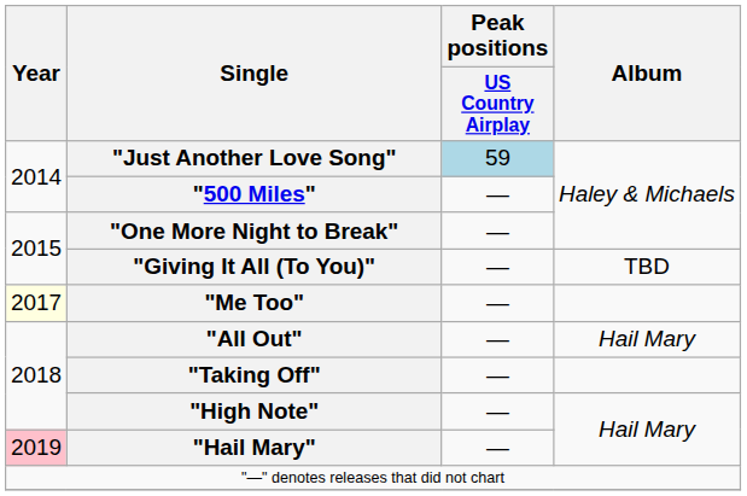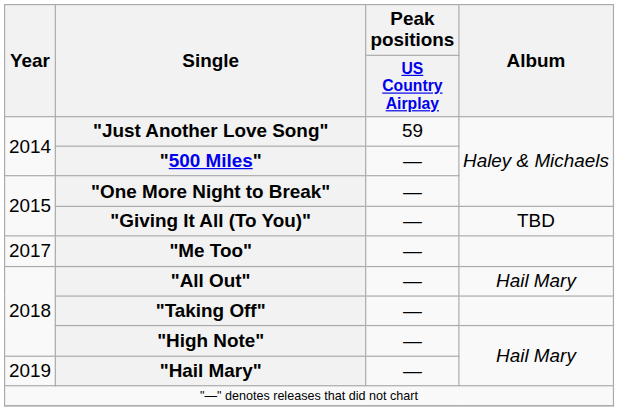 <table class="wikitable plainrowheaders" style="text-align:center;">
 <tr>
 <th rowspan="2">Year</th>
 <th rowspan="2" style="width:16em;">Single</th>
 <th>Peak positions</th>
 <th rowspan="2">Album</th>
 </tr>
 <tr style="font-size:smaller;">
 <th width="65"><a href='#'>US Country Airplay</a></th>
 </tr>
 <tr>
 <td rowspan="2">2014</td>
 <th scope="row">"Just Another Love Song"</th>
-<td style="background: lightblue;">59</td>
+<td>59</td>
 <td rowspan="3"><em>Haley & Michaels</em></td>
 </tr>
 <tr>
 <th scope="row">"<a href='#'>500 Miles</a>"</th>
 <td>—</td>
 </tr>
 <tr>
 <td rowspan="2">2015</td>
 <th scope="row">"One More Night to Break"</th>
 <td>—</td>
 </tr>
 <tr>
 <th scope="row">"Giving It All (To You)"</th>
 <td>—</td>
 <td>TBD</td>
 </tr>
 <tr>
-<td style="background: lightyellow;">2017</td>
+<td>2017</td>
 <th scope="row">"Me Too"</th>
 <td>—</td>
 <td></td>
 </tr>
 <tr>
 <td rowspan="3">2018</td>
 <th scope="row">"All Out"</th>
 <td>—</td>
 <td><em>Hail Mary</em></td>
 </tr>
 <tr>
 <th scope="row">"Taking Off"</th>
 <td>—</td>
 <td></td>
 </tr>
 <tr>
 <th scope="row">"High Note"</th>
 <td>—</td>
 <td rowspan="2"><em>Hail Mary</em></td>
 </tr>
 <tr>
-<td style="background: pink;">2019</td>
+<td>2019</td>
 <th scope="row">"Hail Mary"</th>
 <td>—</td>
 </tr>
 <tr>
 <td colspan="4" style="font-size:8pt">"—" denotes releases that did not chart</td>
 </tr>
 <tr>
 </tr>
 </table>
